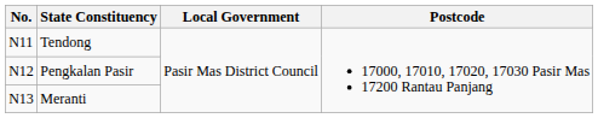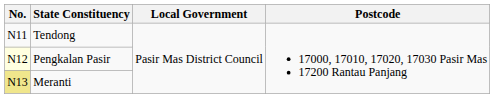 <table class="wikitable">
 <tr>
 <th>No.</th>
 <th>State Constituency</th>
 <th>Local Government</th>
 <th>Postcode</th>
 </tr>
 <tr>
 <td>N11</td>
 <td>Tendong</td>
 <td rowspan="3">Pasir Mas District Council</td>
 <td rowspan="3"><br><ul><li>17000, 17010, 17020, 17030 Pasir Mas</li><li>17200 Rantau Panjang</li></ul></td>
 </tr>
 <tr>
-<td>N12</td>
+<td style="background: lightyellow;">N12</td>
 <td>Pengkalan Pasir</td>
 </tr>
 <tr>
-<td>N13</td>
+<td style="background: khaki;">N13</td>
 <td>Meranti</td>
 </tr>
 </table>
